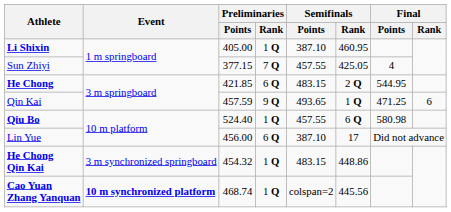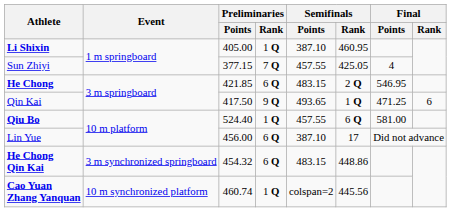 <table class=wikitable style="font-size:90%;">
 <tr>
 <th rowspan="2">Athlete</th>
 <th rowspan="2">Event</th>
 <th colspan="2">Preliminaries</th>
 <th colspan="2">Semifinals</th>
 <th colspan="2">Final</th>
 </tr>
 <tr style="font-size:95%">
 <th>Points</th>
 <th>Rank</th>
 <th>Points</th>
 <th>Rank</th>
 <th>Points</th>
 <th>Rank</th>
 </tr>
 <tr align=center>
 <td align=left><strong><a href='#'>Li Shixin</a></strong></td>
 <td align=left rowspan=2><a href='#'>1 m springboard</a></td>
 <td>405.00</td>
 <td>1 <strong>Q</strong></td>
 <td>387.10</td>
 <td>460.95</td>
 <td></td>
 </tr>
 <tr align=center>
 <td align=left><a href='#'>Sun Zhiyi</a></td>
 <td>377.15</td>
 <td>7 <strong>Q</strong></td>
 <td>457.55</td>
 <td>425.05</td>
 <td>4</td>
 </tr>
 <tr align=center>
 <td align=left><strong><a href='#'>He Chong</a></strong></td>
 <td align=left rowspan=2><a href='#'>3 m springboard</a></td>
 <td>421.85</td>
 <td>6 <strong>Q</strong></td>
 <td>483.15</td>
 <td>2 <strong>Q</strong></td>
-<td>544.95</td>
+<td>546.95</td>
 <td></td>
 </tr>
 <tr align=center>
 <td align=left><a href='#'>Qin Kai</a></td>
-<td>457.59</td>
+<td>417.50</td>
 <td>9 <strong>Q</strong></td>
 <td>493.65</td>
 <td>1 <strong>Q</strong></td>
 <td>471.25</td>
 <td>6</td>
 </tr>
 <tr align=center>
 <td align=left><strong><a href='#'>Qiu Bo</a></strong></td>
 <td align=left rowspan=2><a href='#'>10 m platform</a></td>
 <td>524.40</td>
 <td>1 <strong>Q</strong></td>
 <td>457.55</td>
 <td>6 <strong>Q</strong></td>
-<td>580.98</td>
+<td>581.00</td>
 <td></td>
 </tr>
 <tr align=center>
 <td align=left><a href='#'>Lin Yue</a></td>
 <td>456.00</td>
 <td>6 <strong>Q</strong></td>
 <td>387.10</td>
 <td>17</td>
 <td colspan=2>Did not advance</td>
 </tr>
 <tr align=center>
 <td align=left><strong><a href='#'>He Chong</a><br><a href='#'>Qin Kai</a></strong></td>
 <td align=left><a href='#'>3 m synchronized springboard</a></td>
 <td>454.32</td>
-<td>1 <strong>Q</strong></td>
+<td>6 <strong>Q</strong></td>
 <td>483.15</td>
 <td>448.86</td>
 <td></td>
 </tr>
 <tr align=center>
 <td align=left><strong><a href='#'>Cao Yuan</a><br><a href='#'>Zhang Yanquan</a></strong></td>
-<td align=left><strong><a href='#'>10 m synchronized platform</a></strong></td>
-<td>468.74</td>
+<td align=left><a href='#'>10 m synchronized platform</a></td>
+<td>460.74</td>
 <td>1 <strong>Q</strong></td>
 <td>colspan=2 </td>
 <td>445.56</td>
 <td></td>
 </tr>
 </table>
